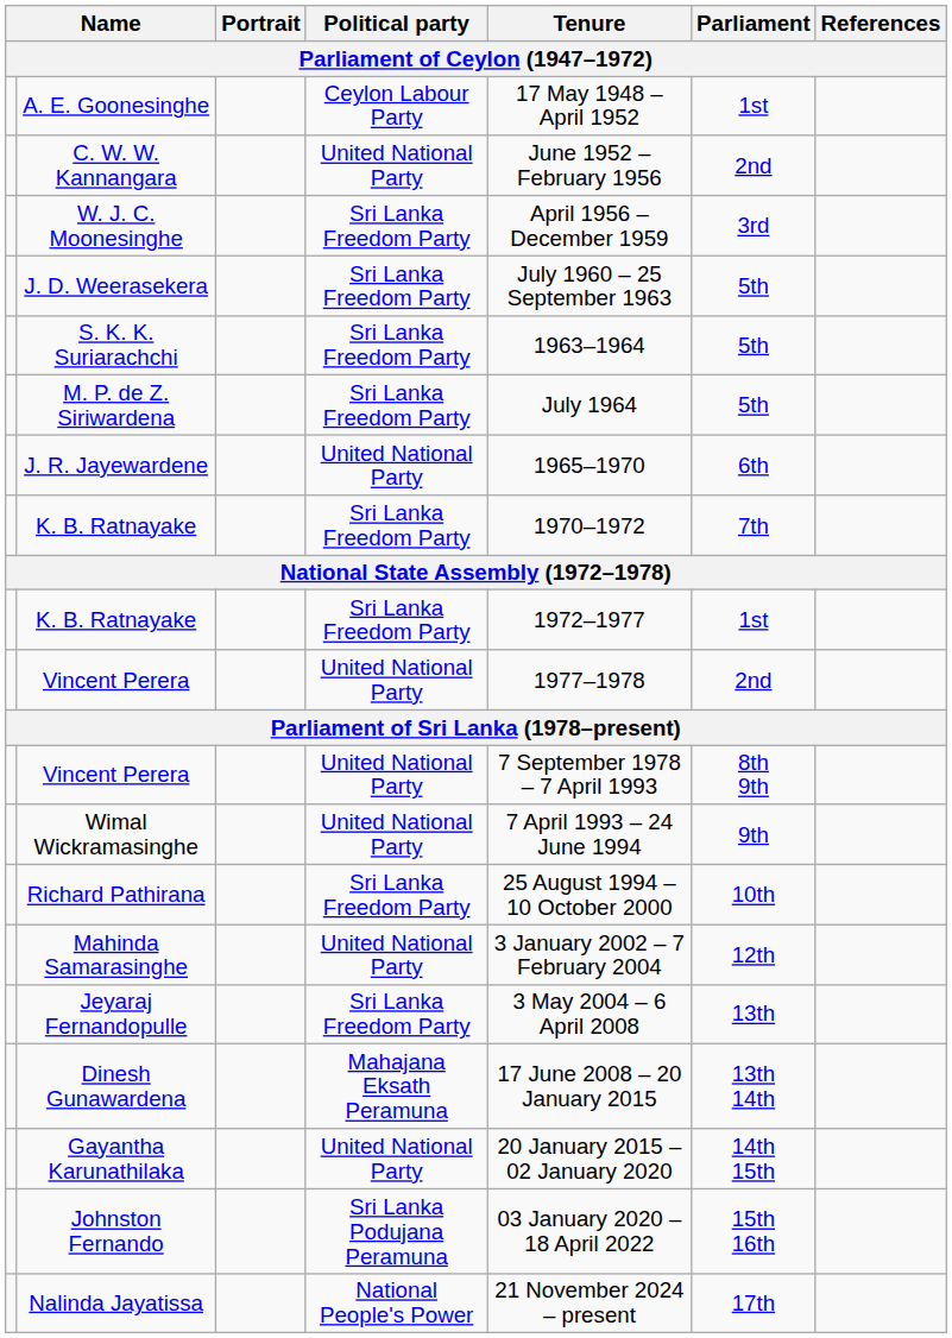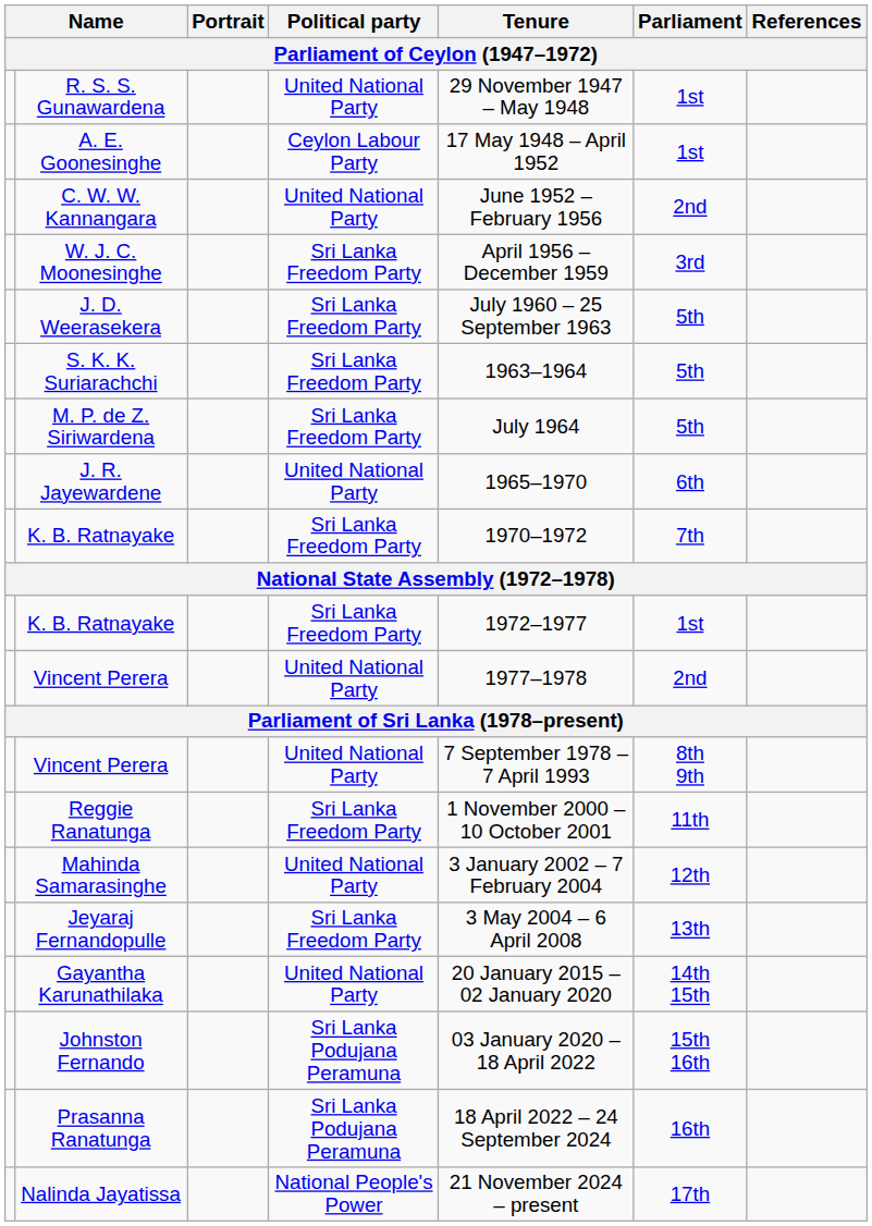 <table class="wikitable" style="font-size:90%; text-align:center;">
 <tr>
 <th colspan="2">Name</th>
 <th>Portrait</th>
 <th>Political party</th>
 <th>Tenure</th>
 <th>Parliament</th>
 <th>References</th>
 </tr>
 <tr>
 <th colspan=7><a href='#'>Parliament of Ceylon</a> (1947–1972)</th>
+</tr>
+<tr>
+<td style="background:"></td>
+<td><a href='#'>R. S. S. Gunawardena</a></td>
+<td></td>
+<td><a href='#'>United National Party</a></td>
+<td>29 November 1947 – May 1948</td>
+<td><a href='#'>1st</a></td>
+<td></td>
 </tr>
 <tr>
 <td style="background:"></td>
 <td><a href='#'>A. E. Goonesinghe</a></td>
 <td></td>
 <td><a href='#'>Ceylon Labour Party</a></td>
 <td>17 May 1948 – April 1952</td>
 <td><a href='#'>1st</a></td>
 <td></td>
 </tr>
 <tr>
 <td style="background:"></td>
 <td><a href='#'>C. W. W. Kannangara</a></td>
 <td></td>
 <td><a href='#'>United National Party</a></td>
 <td>June 1952 – February 1956</td>
 <td><a href='#'>2nd</a></td>
 <td></td>
 </tr>
 <tr>
 <td style="background:"></td>
 <td><a href='#'>W. J. C. Moonesinghe</a></td>
 <td></td>
 <td><a href='#'>Sri Lanka Freedom Party</a></td>
 <td>April 1956 – December 1959</td>
 <td><a href='#'>3rd</a></td>
 <td></td>
 </tr>
 <tr>
 <td style="background:"></td>
 <td><a href='#'>J. D. Weerasekera</a></td>
 <td></td>
 <td><a href='#'>Sri Lanka Freedom Party</a></td>
 <td>July 1960 – 25 September 1963</td>
 <td><a href='#'>5th</a></td>
 <td></td>
 </tr>
 <tr>
 <td style="background:"></td>
 <td><a href='#'>S. K. K. Suriarachchi</a></td>
 <td></td>
 <td><a href='#'>Sri Lanka Freedom Party</a></td>
 <td>1963–1964</td>
 <td><a href='#'>5th</a></td>
 <td></td>
 </tr>
 <tr>
 <td style="background:"></td>
 <td><a href='#'>M. P. de Z. Siriwardena</a></td>
 <td></td>
 <td><a href='#'>Sri Lanka Freedom Party</a></td>
 <td>July 1964</td>
 <td><a href='#'>5th</a></td>
 <td></td>
 </tr>
 <tr>
 <td style="background:"></td>
 <td><a href='#'>J. R. Jayewardene</a></td>
 <td></td>
 <td><a href='#'>United National Party</a></td>
 <td>1965–1970</td>
 <td><a href='#'>6th</a></td>
 <td></td>
 </tr>
 <tr>
 <td style="background:"></td>
 <td><a href='#'>K. B. Ratnayake</a></td>
 <td></td>
 <td><a href='#'>Sri Lanka Freedom Party</a></td>
 <td>1970–1972</td>
 <td><a href='#'>7th</a></td>
 <td></td>
 </tr>
 <tr>
 <th colspan=7><a href='#'>National State Assembly</a> (1972–1978)</th>
 </tr>
 <tr>
 <td !align="center" style="background:"></td>
 <td><a href='#'>K. B. Ratnayake</a></td>
 <td></td>
 <td><a href='#'>Sri Lanka Freedom Party</a></td>
 <td>1972–1977</td>
 <td><a href='#'>1st</a></td>
 <td></td>
 </tr>
 <tr>
 <td !align="center" style="background:"></td>
 <td><a href='#'>Vincent Perera</a></td>
 <td></td>
 <td><a href='#'>United National Party</a></td>
 <td>1977–1978</td>
 <td><a href='#'>2nd</a></td>
 <td></td>
 </tr>
 <tr>
 <th colspan=7><a href='#'>Parliament of Sri Lanka</a> (1978–present)</th>
 </tr>
 <tr>
 <td !align="center" style="background:"></td>
 <td><a href='#'>Vincent Perera</a></td>
 <td></td>
 <td><a href='#'>United National Party</a></td>
 <td>7 September 1978 – 7 April 1993</td>
 <td><a href='#'>8th</a><br><a href='#'>9th</a></td>
 <td></td>
 </tr>
 <tr>
 <td !align="center" style="background:"></td>
-<td>Wimal Wickramasinghe</td>
-<td></td>
-<td><a href='#'>United National Party</a></td>
-<td>7 April 1993 – 24 June 1994</td>
-<td><a href='#'>9th</a></td>
-<td></td>
-</tr>
-<tr>
-<td !align="center" style="background:"></td>
-<td><a href='#'>Richard Pathirana</a></td>
+<td><a href='#'>Reggie Ranatunga</a></td>
 <td></td>
 <td><a href='#'>Sri Lanka Freedom Party</a></td>
-<td>25 August 1994 – 10 October 2000</td>
-<td><a href='#'>10th</a></td>
+<td>1 November 2000 – 10 October 2001</td>
+<td><a href='#'>11th</a></td>
 <td></td>
 </tr>
 <tr>
 <td !align="center" style="background:"></td>
 <td><a href='#'>Mahinda Samarasinghe</a></td>
 <td></td>
 <td><a href='#'>United National Party</a></td>
 <td>3 January 2002 – 7 February 2004</td>
 <td><a href='#'>12th</a></td>
 <td></td>
 </tr>
 <tr>
 <td !align="center" style="background:"></td>
 <td><a href='#'>Jeyaraj Fernandopulle</a></td>
 <td></td>
 <td><a href='#'>Sri Lanka Freedom Party</a></td>
 <td>3 May 2004 – 6 April 2008</td>
 <td><a href='#'>13th</a></td>
 <td></td>
 </tr>
 <tr>
 <td !align="center" style="background:"></td>
-<td><a href='#'>Dinesh Gunawardena</a></td>
-<td></td>
-<td><a href='#'>Mahajana Eksath Peramuna</a></td>
-<td>17 June 2008 – 20 January 2015</td>
-<td><a href='#'>13th</a> <br> <a href='#'>14th</a></td>
-<td></td>
-</tr>
-<tr>
-<td !align="center" style="background:"></td>
 <td><a href='#'>Gayantha Karunathilaka</a></td>
 <td></td>
 <td><a href='#'>United National Party</a></td>
 <td>20 January 2015 – 02 January 2020</td>
 <td><a href='#'>14th</a><br><a href='#'>15th</a></td>
 <td></td>
 </tr>
 <tr>
 <td !align="center" style="background:"></td>
 <td><a href='#'>Johnston Fernando</a></td>
 <td></td>
 <td><a href='#'>Sri Lanka Podujana Peramuna</a></td>
 <td>03 January 2020 – 18 April 2022</td>
 <td><a href='#'>15th</a><br><a href='#'>16th</a></td>
 <td></td>
 </tr>
 <tr>
 <td !align="center" style="background:"></td>
+<td><a href='#'>Prasanna Ranatunga</a></td>
+<td></td>
+<td><a href='#'>Sri Lanka Podujana Peramuna</a></td>
+<td>18 April 2022 – 24 September 2024</td>
+<td><a href='#'>16th</a></td>
+<td></td>
+</tr>
+<tr>
+<td !align="center" style="background:"></td>
 <td><a href='#'>Nalinda Jayatissa</a></td>
 <td></td>
 <td><a href='#'>National People's Power</a></td>
 <td>21 November 2024 – present</td>
 <td><a href='#'>17th</a></td>
 <td></td>
 </tr>
 </table>
